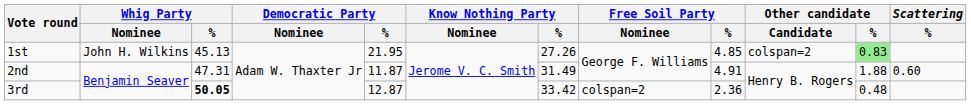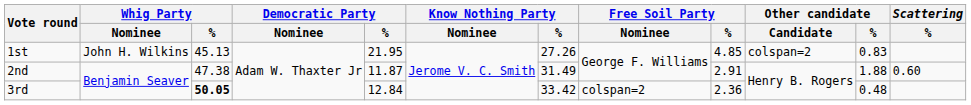 <table class="wikitable">
 <tr>
 <th rowspan=2>Vote round</th>
 <th colspan=2><a href='#'>Whig Party</a></th>
 <th colspan=2><a href='#'>Democratic Party</a></th>
 <th colspan=2><a href='#'>Know Nothing Party</a></th>
 <th colspan=2><a href='#'>Free Soil Party</a></th>
 <th colspan=2>Other candidate</th>
 <th><em>Scattering</em></th>
 </tr>
 <tr>
 <th>Nominee</th>
 <th>%</th>
 <th>Nominee</th>
 <th>%</th>
 <th>Nominee</th>
 <th>%</th>
 <th>Nominee</th>
 <th>%</th>
 <th>Candidate</th>
 <th>%</th>
 <th>%</th>
 </tr>
 <tr>
 <td>1st</td>
 <td>John H. Wilkins</td>
 <td>45.13</td>
 <td rowspan=3>Adam W. Thaxter Jr</td>
 <td>21.95</td>
 <td rowspan=3><a href='#'>Jerome V. C. Smith</a></td>
 <td>27.26</td>
 <td rowspan=2>George F. Williams</td>
 <td>4.85</td>
 <td>colspan=2 </td>
-<td style="background: lightgreen;">0.83</td>
+<td>0.83</td>
 </tr>
 <tr>
 <td>2nd</td>
 <td rowspan=2><a href='#'>Benjamin Seaver</a></td>
-<td>47.31</td>
+<td>47.38</td>
 <td>11.87</td>
 <td>31.49</td>
-<td>4.91</td>
+<td>2.91</td>
 <td rowspan=2>Henry B. Rogers</td>
 <td>1.88</td>
 <td>0.60</td>
 </tr>
 <tr>
 <td>3rd</td>
 <td><strong>50.05</strong></td>
-<td>12.87</td>
+<td>12.84</td>
 <td>33.42</td>
 <td>colspan=2 </td>
 <td>2.36</td>
 <td>0.48</td>
 </tr>
 </table>
